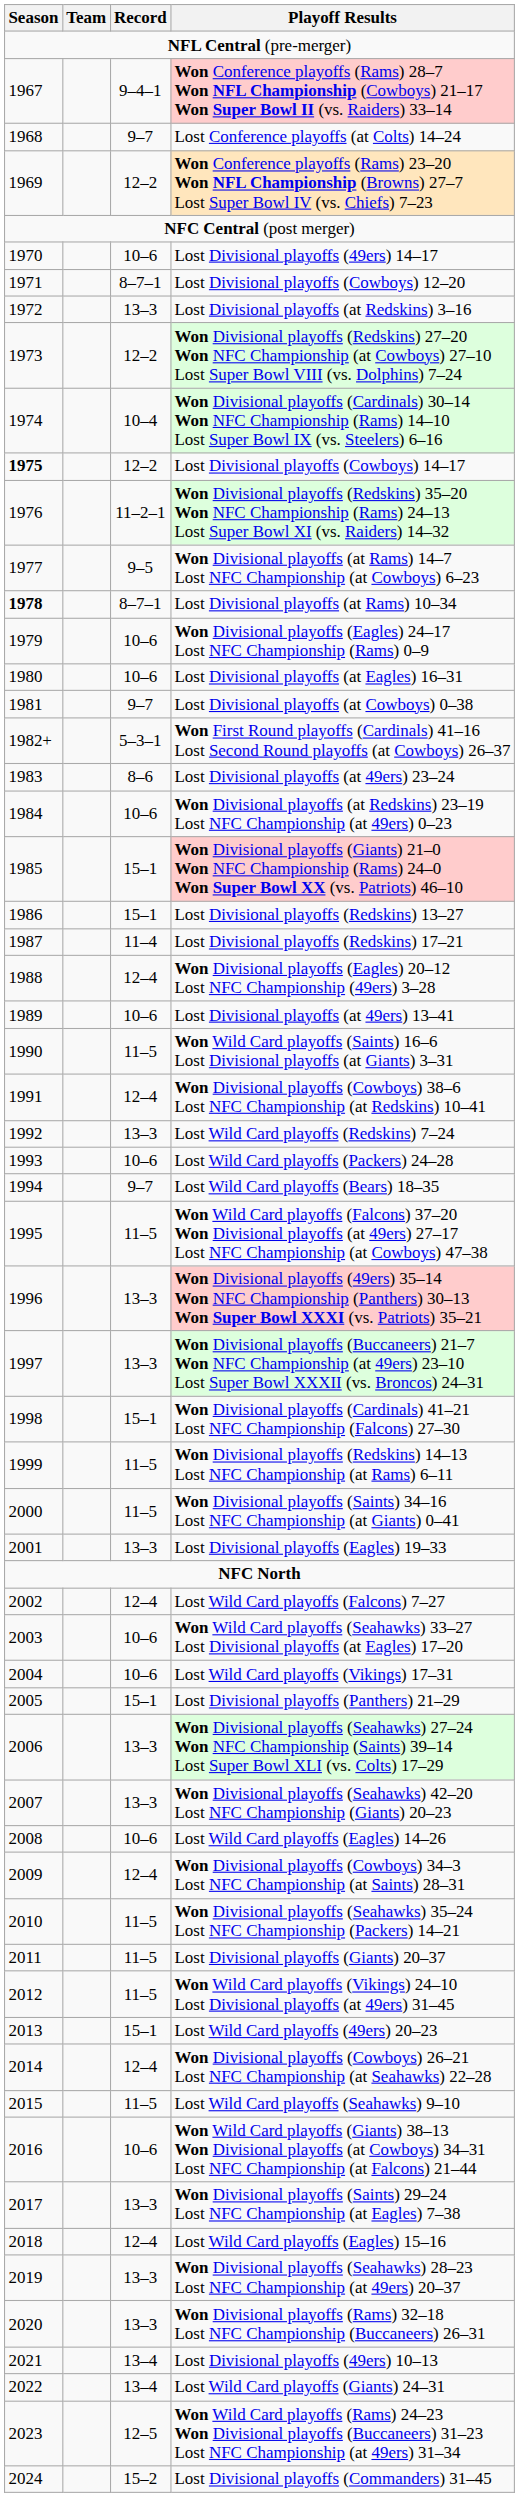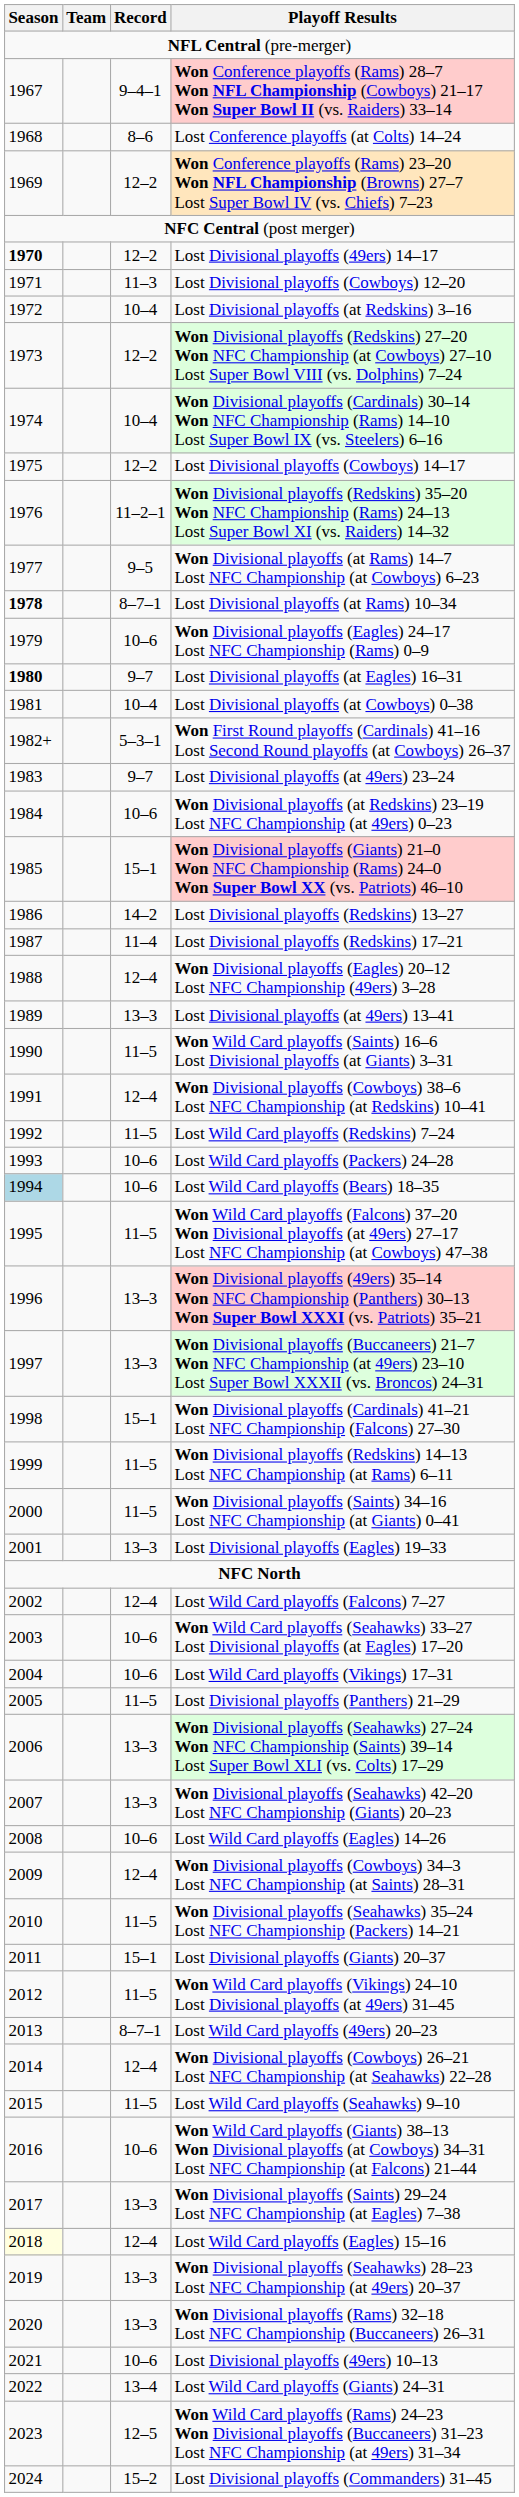 <table class="wikitable">
 <tr style="background:#efefef;">
 <th>Season</th>
 <th>Team</th>
 <th>Record</th>
 <th>Playoff Results</th>
 </tr>
 <tr>
 <td colspan="4" style="text-align:center;"><strong>NFL Central</strong> (pre-merger)</td>
 </tr>
 <tr>
 <td>1967</td>
 <td><strong><a href='#'></a></strong></td>
 <td align="center">9–4–1</td>
 <td style="background: #FFCCCC;" valign="top"><strong>Won</strong> <a href='#'>Conference playoffs</a> (<a href='#'>Rams</a>) 28–7<br><strong>Won <a href='#'>NFL Championship</a></strong> (<a href='#'>Cowboys</a>) 21–17<br><strong>Won <a href='#'>Super Bowl II</a></strong> (vs. <a href='#'>Raiders</a>) 33–14</td>
 </tr>
 <tr>
 <td>1968</td>
 <td><strong><a href='#'></a></strong></td>
-<td align="center">9–7</td>
+<td align="center">8–6</td>
 <td>Lost <a href='#'>Conference playoffs</a> (at <a href='#'>Colts</a>) 14–24</td>
 </tr>
 <tr>
 <td>1969</td>
 <td><strong><a href='#'></a></strong></td>
 <td align="center">12–2</td>
 <td bgcolor="#FFE6BD"><strong>Won</strong> <a href='#'>Conference playoffs</a> (<a href='#'>Rams</a>) 23–20<br><strong>Won <a href='#'>NFL Championship</a></strong> (<a href='#'>Browns</a>) 27–7<br> Lost <a href='#'>Super Bowl IV</a> (vs. <a href='#'>Chiefs</a>) 7–23</td>
 </tr>
 <tr>
 <td colspan="4" style="text-align:center;"><strong>NFC Central</strong> (post merger)</td>
 </tr>
 <tr>
-<td>1970</td>
+<td><strong>1970</strong></td>
 <td><strong><a href='#'></a></strong></td>
-<td align="center">10–6</td>
+<td align="center">12–2</td>
 <td>Lost <a href='#'>Divisional playoffs</a> (<a href='#'>49ers</a>) 14–17</td>
 </tr>
 <tr>
 <td>1971</td>
 <td><strong><a href='#'></a></strong></td>
-<td align="center">8–7–1</td>
+<td align="center">11–3</td>
 <td>Lost <a href='#'>Divisional playoffs</a> (<a href='#'>Cowboys</a>) 12–20</td>
 </tr>
 <tr>
 <td>1972</td>
 <td><strong><a href='#'></a></strong></td>
-<td align="center">13–3</td>
+<td align="center">10–4</td>
 <td>Lost  <a href='#'>Divisional playoffs</a> (at <a href='#'>Redskins</a>) 3–16</td>
 </tr>
 <tr>
 <td>1973</td>
 <td><strong><a href='#'></a></strong></td>
 <td align="center">12–2</td>
 <td bgcolor="#DDFFDD"><strong>Won</strong> <a href='#'>Divisional playoffs</a> (<a href='#'>Redskins</a>) 27–20<br><strong>Won</strong> <a href='#'>NFC Championship</a> (at <a href='#'>Cowboys</a>) 27–10<br>Lost <a href='#'>Super Bowl VIII</a> (vs. <a href='#'>Dolphins</a>) 7–24</td>
 </tr>
 <tr>
 <td>1974</td>
 <td><strong><a href='#'></a></strong></td>
 <td align="center">10–4</td>
 <td bgcolor="#DDFFDD"><strong>Won</strong> <a href='#'>Divisional playoffs</a> (<a href='#'>Cardinals</a>) 30–14<br><strong>Won</strong> <a href='#'>NFC Championship</a> (<a href='#'>Rams</a>) 14–10<br>Lost <a href='#'>Super Bowl IX</a> (vs. <a href='#'>Steelers</a>) 6–16</td>
 </tr>
 <tr>
-<td><strong>1975</strong></td>
+<td>1975</td>
 <td><strong><a href='#'></a></strong></td>
 <td align="center">12–2</td>
 <td>Lost <a href='#'>Divisional playoffs</a> (<a href='#'>Cowboys</a>) 14–17</td>
 </tr>
 <tr>
 <td>1976</td>
 <td><strong><a href='#'></a></strong></td>
 <td align="center">11–2–1</td>
 <td bgcolor="#DDFFDD"><strong>Won</strong> <a href='#'>Divisional playoffs</a> (<a href='#'>Redskins</a>) 35–20<br><strong>Won</strong> <a href='#'>NFC Championship</a> (<a href='#'>Rams</a>) 24–13<br>Lost <a href='#'>Super Bowl XI</a> (vs. <a href='#'>Raiders</a>) 14–32</td>
 </tr>
 <tr>
 <td>1977</td>
 <td><strong><a href='#'></a></strong></td>
 <td align="center">9–5</td>
 <td><strong>Won</strong> <a href='#'>Divisional playoffs</a> (at <a href='#'>Rams</a>) 14–7<br>Lost <a href='#'>NFC Championship</a> (at <a href='#'>Cowboys</a>) 6–23</td>
 </tr>
 <tr>
 <td><strong>1978</strong></td>
 <td><strong><a href='#'></a></strong></td>
 <td align="center">8–7–1</td>
 <td>Lost <a href='#'>Divisional playoffs</a> (at <a href='#'>Rams</a>) 10–34</td>
 </tr>
 <tr>
 <td>1979</td>
 <td><strong><a href='#'></a></strong></td>
 <td align="center">10–6</td>
 <td><strong>Won</strong> <a href='#'>Divisional playoffs</a> (<a href='#'>Eagles</a>) 24–17<br>Lost <a href='#'>NFC Championship</a> (<a href='#'>Rams</a>)  0–9</td>
 </tr>
 <tr>
-<td>1980</td>
+<td><strong>1980</strong></td>
 <td><strong><a href='#'></a></strong></td>
-<td align="center">10–6</td>
+<td align="center">9–7</td>
 <td>Lost <a href='#'>Divisional playoffs</a> (at <a href='#'>Eagles</a>) 16–31</td>
 </tr>
 <tr>
 <td>1981</td>
 <td><strong><a href='#'></a></strong></td>
-<td align="center">9–7</td>
+<td align="center">10–4</td>
 <td>Lost <a href='#'>Divisional playoffs</a> (at <a href='#'>Cowboys</a>) 0–38</td>
 </tr>
 <tr>
 <td>1982+</td>
 <td><strong><a href='#'></a></strong></td>
 <td align="center">5–3–1</td>
 <td><strong>Won</strong> <a href='#'>First Round playoffs</a> (<a href='#'>Cardinals</a>) 41–16<br>Lost  <a href='#'>Second Round playoffs</a> (at <a href='#'>Cowboys</a>) 26–37</td>
 </tr>
 <tr>
 <td>1983</td>
 <td><strong><a href='#'></a></strong></td>
-<td align="center">8–6</td>
+<td align="center">9–7</td>
 <td>Lost <a href='#'>Divisional playoffs</a> (at <a href='#'>49ers</a>) 23–24</td>
 </tr>
 <tr>
 <td>1984</td>
 <td><strong><a href='#'></a></strong></td>
 <td align="center">10–6</td>
 <td><strong>Won</strong> <a href='#'>Divisional playoffs</a> (at <a href='#'>Redskins</a>) 23–19<br>Lost <a href='#'>NFC Championship</a> (at <a href='#'>49ers</a>) 0–23</td>
 </tr>
 <tr>
 <td>1985</td>
 <td><strong><a href='#'></a></strong></td>
 <td align="center">15–1</td>
 <td style="background: #FFCCCC;" valign="top"><strong>Won</strong> <a href='#'>Divisional playoffs</a> (<a href='#'>Giants</a>) 21–0<br><strong>Won</strong> <a href='#'>NFC Championship</a> (<a href='#'>Rams</a>) 24–0<br><strong>Won <a href='#'>Super Bowl XX</a></strong> (vs. <a href='#'>Patriots</a>) 46–10</td>
 </tr>
 <tr>
 <td>1986</td>
 <td><strong><a href='#'></a></strong></td>
-<td align="center">15–1</td>
+<td align="center">14–2</td>
 <td>Lost <a href='#'>Divisional playoffs</a> (<a href='#'>Redskins</a>) 13–27</td>
 </tr>
 <tr>
 <td>1987</td>
 <td><strong><a href='#'></a></strong></td>
 <td align="center">11–4</td>
 <td>Lost <a href='#'>Divisional playoffs</a> (<a href='#'>Redskins</a>) 17–21</td>
 </tr>
 <tr>
 <td>1988</td>
 <td><strong><a href='#'></a></strong></td>
 <td align="center">12–4</td>
 <td><strong>Won</strong> <a href='#'>Divisional playoffs</a> (<a href='#'>Eagles</a>) 20–12<br>Lost <a href='#'>NFC Championship</a> (<a href='#'>49ers</a>) 3–28</td>
 </tr>
 <tr>
 <td>1989</td>
 <td><strong><a href='#'></a></strong></td>
-<td align="center">10–6</td>
+<td align="center">13–3</td>
 <td>Lost <a href='#'>Divisional playoffs</a> (at <a href='#'>49ers</a>) 13–41</td>
 </tr>
 <tr>
 <td>1990</td>
 <td><strong><a href='#'></a></strong></td>
 <td align="center">11–5</td>
 <td><strong>Won</strong> <a href='#'>Wild Card playoffs</a> (<a href='#'>Saints</a>) 16–6<br>Lost <a href='#'>Divisional playoffs</a> (at <a href='#'>Giants</a>) 3–31</td>
 </tr>
 <tr>
 <td>1991</td>
 <td><strong><a href='#'></a></strong></td>
 <td align="center">12–4</td>
 <td><strong>Won</strong> <a href='#'>Divisional playoffs</a> (<a href='#'>Cowboys</a>) 38–6<br>Lost <a href='#'>NFC Championship</a> (at <a href='#'>Redskins</a>) 10–41</td>
 </tr>
 <tr>
 <td>1992</td>
 <td><strong><a href='#'></a></strong></td>
-<td align="center">13–3</td>
+<td align="center">11–5</td>
 <td>Lost <a href='#'>Wild Card playoffs</a> (<a href='#'>Redskins</a>) 7–24</td>
 </tr>
 <tr>
 <td>1993</td>
 <td><strong><a href='#'></a></strong></td>
 <td align="center">10–6</td>
 <td>Lost <a href='#'>Wild Card playoffs</a> (<a href='#'>Packers</a>) 24–28</td>
 </tr>
 <tr>
-<td>1994</td>
+<td style="background: lightblue;">1994</td>
 <td><strong><a href='#'></a></strong></td>
-<td align="center">9–7</td>
+<td align="center">10–6</td>
 <td>Lost <a href='#'>Wild Card playoffs</a> (<a href='#'>Bears</a>) 18–35</td>
 </tr>
 <tr>
 <td>1995</td>
 <td><strong><a href='#'></a></strong></td>
 <td align="center">11–5</td>
 <td><strong>Won</strong> <a href='#'>Wild Card playoffs</a> (<a href='#'>Falcons</a>) 37–20<br><strong>Won</strong> <a href='#'>Divisional playoffs</a> (at <a href='#'>49ers</a>) 27–17<br>Lost <a href='#'>NFC Championship</a> (at <a href='#'>Cowboys</a>) 47–38</td>
 </tr>
 <tr>
 <td>1996</td>
 <td><strong><a href='#'></a></strong></td>
 <td align="center">13–3</td>
 <td style="background: #FFCCCC;" valign="top"><strong>Won</strong> <a href='#'>Divisional playoffs</a> (<a href='#'>49ers</a>) 35–14<br><strong>Won</strong> <a href='#'>NFC Championship</a> (<a href='#'>Panthers</a>) 30–13<br><strong>Won <a href='#'>Super Bowl XXXI</a></strong> (vs. <a href='#'>Patriots</a>) 35–21</td>
 </tr>
 <tr>
 <td>1997</td>
 <td><strong><a href='#'></a></strong></td>
 <td align="center">13–3</td>
 <td bgcolor="#DDFFDD"><strong>Won</strong> <a href='#'>Divisional playoffs</a> (<a href='#'>Buccaneers</a>) 21–7<br><strong>Won</strong> <a href='#'>NFC Championship</a> (at <a href='#'>49ers</a>) 23–10<br>Lost <a href='#'>Super Bowl XXXII</a> (vs. <a href='#'>Broncos</a>) 24–31</td>
 </tr>
 <tr>
 <td>1998</td>
 <td><strong><a href='#'></a></strong></td>
 <td align="center">15–1</td>
 <td><strong>Won</strong> <a href='#'>Divisional playoffs</a> (<a href='#'>Cardinals</a>) 41–21<br>Lost <a href='#'>NFC Championship</a> (<a href='#'>Falcons</a>) 27–30 </td>
 </tr>
 <tr>
 <td>1999</td>
 <td><strong><a href='#'></a></strong></td>
 <td align="center">11–5</td>
 <td><strong>Won</strong> <a href='#'>Divisional playoffs</a> (<a href='#'>Redskins</a>) 14–13<br>Lost <a href='#'>NFC Championship</a> (at <a href='#'>Rams</a>) 6–11</td>
 </tr>
 <tr>
 <td>2000</td>
 <td><strong><a href='#'></a></strong></td>
 <td align="center">11–5</td>
 <td><strong>Won</strong> <a href='#'>Divisional playoffs</a> (<a href='#'>Saints</a>) 34–16<br>Lost <a href='#'>NFC Championship</a> (at <a href='#'>Giants</a>) 0–41</td>
 </tr>
 <tr>
 <td>2001</td>
 <td><strong><a href='#'></a></strong></td>
 <td align="center">13–3</td>
 <td>Lost <a href='#'>Divisional playoffs</a> (<a href='#'>Eagles</a>) 19–33</td>
 </tr>
 <tr>
 <td colspan="4" style="text-align:center;"><strong>NFC North</strong></td>
 </tr>
 <tr>
 <td>2002</td>
 <td><strong><a href='#'></a></strong></td>
 <td align="center">12–4</td>
 <td>Lost <a href='#'>Wild Card playoffs</a> (<a href='#'>Falcons</a>) 7–27</td>
 </tr>
 <tr>
 <td>2003</td>
 <td><strong><a href='#'></a></strong></td>
 <td align="center">10–6</td>
 <td><strong>Won</strong> <a href='#'>Wild Card playoffs</a> (<a href='#'>Seahawks</a>) 33–27 <br>Lost <a href='#'>Divisional playoffs</a> (at <a href='#'>Eagles</a>) 17–20 </td>
 </tr>
 <tr>
 <td>2004</td>
 <td><strong><a href='#'></a></strong></td>
 <td align="center">10–6</td>
 <td>Lost <a href='#'>Wild Card playoffs</a> (<a href='#'>Vikings</a>) 17–31</td>
 </tr>
 <tr>
 <td>2005</td>
 <td><strong><a href='#'></a></strong></td>
-<td align="center">15–1</td>
+<td align="center">11–5</td>
 <td>Lost <a href='#'>Divisional playoffs</a> (<a href='#'>Panthers</a>) 21–29</td>
 </tr>
 <tr>
 <td>2006</td>
 <td><strong><a href='#'></a></strong></td>
 <td align="center">13–3</td>
 <td bgcolor="#DDFFDD"><strong>Won</strong> <a href='#'>Divisional playoffs</a> (<a href='#'>Seahawks</a>) 27–24 <br><strong>Won</strong> <a href='#'>NFC Championship</a> (<a href='#'>Saints</a>) 39–14<br>Lost <a href='#'>Super Bowl XLI</a> (vs. <a href='#'>Colts</a>) 17–29</td>
 </tr>
 <tr>
 <td>2007</td>
 <td><strong><a href='#'></a></strong></td>
 <td align="center">13–3</td>
 <td><strong>Won</strong> <a href='#'>Divisional playoffs</a> (<a href='#'>Seahawks</a>) 42–20<br>Lost <a href='#'>NFC Championship</a> (<a href='#'>Giants</a>) 20–23 </td>
 </tr>
 <tr>
 <td>2008</td>
 <td><strong><a href='#'></a></strong></td>
 <td align="center">10–6</td>
 <td>Lost <a href='#'>Wild Card playoffs</a> (<a href='#'>Eagles</a>) 14–26</td>
 </tr>
 <tr>
 <td>2009</td>
 <td><strong><a href='#'></a></strong></td>
 <td align="center">12–4</td>
 <td><strong>Won</strong> <a href='#'>Divisional playoffs</a> (<a href='#'>Cowboys</a>) 34–3 <br> Lost <a href='#'>NFC Championship</a> (at <a href='#'>Saints</a>) 28–31 </td>
 </tr>
 <tr>
 <td>2010</td>
 <td><strong><a href='#'></a></strong></td>
 <td align="center">11–5</td>
 <td><strong>Won</strong> <a href='#'>Divisional playoffs</a> (<a href='#'>Seahawks</a>) 35–24<br>Lost <a href='#'>NFC Championship</a> (<a href='#'>Packers</a>) 14–21</td>
 </tr>
 <tr>
 <td>2011</td>
 <td><strong><a href='#'></a></strong></td>
-<td align="center">11–5</td>
+<td align="center">15–1</td>
 <td>Lost <a href='#'>Divisional playoffs</a> (<a href='#'>Giants</a>) 20–37</td>
 </tr>
 <tr>
 <td>2012</td>
 <td><strong><a href='#'></a></strong></td>
 <td align="center">11–5</td>
 <td><strong>Won</strong> <a href='#'>Wild Card playoffs</a> (<a href='#'>Vikings</a>) 24–10<br>Lost <a href='#'>Divisional playoffs</a> (at <a href='#'>49ers</a>) 31–45</td>
 </tr>
 <tr>
 <td>2013</td>
 <td><strong><a href='#'></a></strong></td>
-<td align="center">15–1</td>
+<td align="center">8–7–1</td>
 <td>Lost <a href='#'>Wild Card playoffs</a> (<a href='#'>49ers</a>) 20–23</td>
 </tr>
 <tr>
 <td>2014</td>
 <td><strong><a href='#'></a></strong></td>
 <td align="center">12–4</td>
 <td><strong>Won</strong> <a href='#'>Divisional playoffs</a> (<a href='#'>Cowboys</a>) 26–21<br>Lost <a href='#'>NFC Championship</a> (at <a href='#'>Seahawks</a>) 22–28 </td>
 </tr>
 <tr>
 <td>2015</td>
 <td><strong><a href='#'></a></strong></td>
 <td align="center">11–5</td>
 <td>Lost <a href='#'>Wild Card playoffs</a> (<a href='#'>Seahawks</a>) 9–10</td>
 </tr>
 <tr>
 <td>2016</td>
 <td><strong><a href='#'></a></strong></td>
 <td align="center">10–6</td>
 <td><strong>Won</strong> <a href='#'>Wild Card playoffs</a> (<a href='#'>Giants</a>) 38–13 <br> <strong>Won</strong> <a href='#'>Divisional playoffs</a> (at <a href='#'>Cowboys</a>) 34–31 <br> Lost <a href='#'>NFC Championship</a> (at <a href='#'>Falcons</a>) 21–44</td>
 </tr>
 <tr>
 <td>2017</td>
 <td><strong><a href='#'></a></strong></td>
 <td align="center">13–3</td>
 <td><strong>Won</strong> <a href='#'>Divisional playoffs</a> (<a href='#'>Saints</a>) 29–24<br>Lost <a href='#'>NFC Championship</a> (at <a href='#'>Eagles</a>) 7–38</td>
 </tr>
 <tr>
-<td>2018</td>
+<td style="background: lightyellow;">2018</td>
 <td><strong><a href='#'></a></strong></td>
 <td align="center">12–4</td>
 <td>Lost <a href='#'>Wild Card playoffs</a> (<a href='#'>Eagles</a>) 15–16</td>
 </tr>
 <tr>
 <td>2019</td>
 <td><strong><a href='#'></a></strong></td>
 <td align="center">13–3</td>
 <td><strong>Won</strong> <a href='#'>Divisional playoffs</a> (<a href='#'>Seahawks</a>) 28–23<br>Lost <a href='#'>NFC Championship</a> (at <a href='#'>49ers</a>) 20–37</td>
 </tr>
 <tr>
 <td>2020</td>
 <td><strong><a href='#'></a></strong></td>
 <td align="center">13–3</td>
 <td><strong>Won</strong> <a href='#'>Divisional playoffs</a> (<a href='#'>Rams</a>) 32–18<br>Lost <a href='#'>NFC Championship</a> (<a href='#'>Buccaneers</a>) 26–31</td>
 </tr>
 <tr>
 <td>2021</td>
 <td><strong><a href='#'></a></strong></td>
-<td align="center">13–4</td>
+<td align="center">10–6</td>
 <td>Lost <a href='#'>Divisional playoffs</a> (<a href='#'>49ers</a>) 10–13</td>
 </tr>
 <tr>
 <td>2022</td>
 <td><strong><a href='#'></a></strong></td>
 <td align="center">13–4</td>
 <td>Lost <a href='#'>Wild Card playoffs</a> (<a href='#'>Giants</a>) 24–31</td>
 </tr>
 <tr>
 <td>2023</td>
 <td><strong><a href='#'></a></strong></td>
 <td align="center">12–5</td>
 <td><strong>Won</strong> <a href='#'>Wild Card playoffs</a> (<a href='#'>Rams</a>) 24–23 <br> <strong>Won</strong> <a href='#'>Divisional playoffs</a> (<a href='#'>Buccaneers</a>) 31–23 <br> Lost <a href='#'>NFC Championship</a> (at <a href='#'>49ers</a>) 31–34</td>
 </tr>
 <tr>
 <td>2024</td>
 <td><strong><a href='#'></a></strong></td>
 <td align="center">15–2</td>
 <td>Lost <a href='#'>Divisional playoffs</a> (<a href='#'>Commanders</a>) 31–45</td>
 </tr>
 </table>
